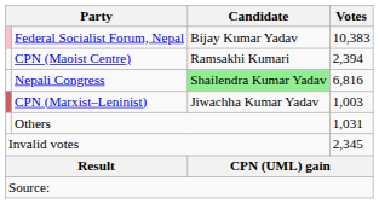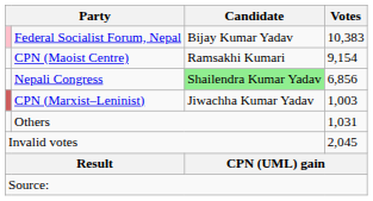 <table class="wikitable">
 <tr>
 <th colspan="2">Party</th>
 <th>Candidate</th>
 <th>Votes</th>
 </tr>
 <tr>
 <td style="background-color:pink"></td>
 <td><a href='#'>Federal Socialist Forum, Nepal</a></td>
 <td>Bijay Kumar Yadav</td>
 <td>10,383</td>
 </tr>
 <tr>
 <td style="background-color:"></td>
 <td><a href='#'>CPN (Maoist Centre)</a></td>
 <td>Ramsakhi Kumari</td>
-<td>2,394</td>
+<td>9,154</td>
 </tr>
 <tr>
 <td style="background-color:"></td>
 <td><a href='#'>Nepali Congress</a></td>
 <td style="background: lightgreen;">Shailendra Kumar Yadav</td>
-<td>6,816</td>
+<td>6,856</td>
 </tr>
 <tr>
 <td style="background-color:indianred"></td>
 <td><a href='#'>CPN (Marxist–Leninist)</a></td>
 <td>Jiwachha Kumar Yadav</td>
 <td>1,003</td>
 </tr>
 <tr>
 <td></td>
 <td colspan="2">Others</td>
 <td>1,031</td>
 </tr>
 <tr>
 <td colspan="3">Invalid votes</td>
-<td>2,345</td>
+<td>2,045</td>
 </tr>
 <tr>
 <th colspan="2">Result</th>
 <th colspan="2">CPN (UML) gain</th>
 </tr>
 <tr>
 <td colspan="4">Source: </td>
 </tr>
 </table>
